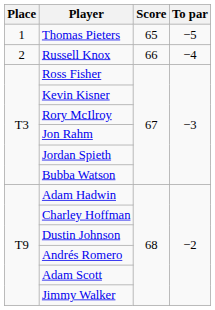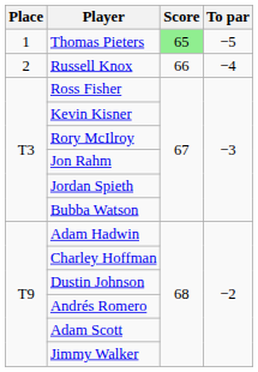 <table class="wikitable">
 <tr>
 <th>Place</th>
 <th>Player</th>
 <th>Score</th>
 <th>To par</th>
 </tr>
 <tr>
 <td align=center>1</td>
 <td> <a href='#'>Thomas Pieters</a></td>
-<td align=center>65</td>
+<td align=center style="background: lightgreen;">65</td>
 <td align=center>−5</td>
 </tr>
 <tr>
 <td align=center>2</td>
 <td> <a href='#'>Russell Knox</a></td>
 <td align=center>66</td>
 <td align=center>−4</td>
 </tr>
 <tr>
 <td align=center rowspan=6>T3</td>
 <td> <a href='#'>Ross Fisher</a></td>
 <td align=center rowspan=6>67</td>
 <td align=center rowspan=6>−3</td>
 </tr>
 <tr>
 <td> <a href='#'>Kevin Kisner</a></td>
 </tr>
 <tr>
 <td> <a href='#'>Rory McIlroy</a></td>
 </tr>
 <tr>
 <td> <a href='#'>Jon Rahm</a></td>
 </tr>
 <tr>
 <td> <a href='#'>Jordan Spieth</a></td>
 </tr>
 <tr>
 <td> <a href='#'>Bubba Watson</a></td>
 </tr>
 <tr>
 <td align=center rowspan=6>T9</td>
 <td> <a href='#'>Adam Hadwin</a></td>
 <td align=center rowspan=6>68</td>
 <td align=center rowspan=6>−2</td>
 </tr>
 <tr>
 <td> <a href='#'>Charley Hoffman</a></td>
 </tr>
 <tr>
 <td> <a href='#'>Dustin Johnson</a></td>
 </tr>
 <tr>
 <td> <a href='#'>Andrés Romero</a></td>
 </tr>
 <tr>
 <td> <a href='#'>Adam Scott</a></td>
 </tr>
 <tr>
 <td> <a href='#'>Jimmy Walker</a></td>
 </tr>
 </table>
